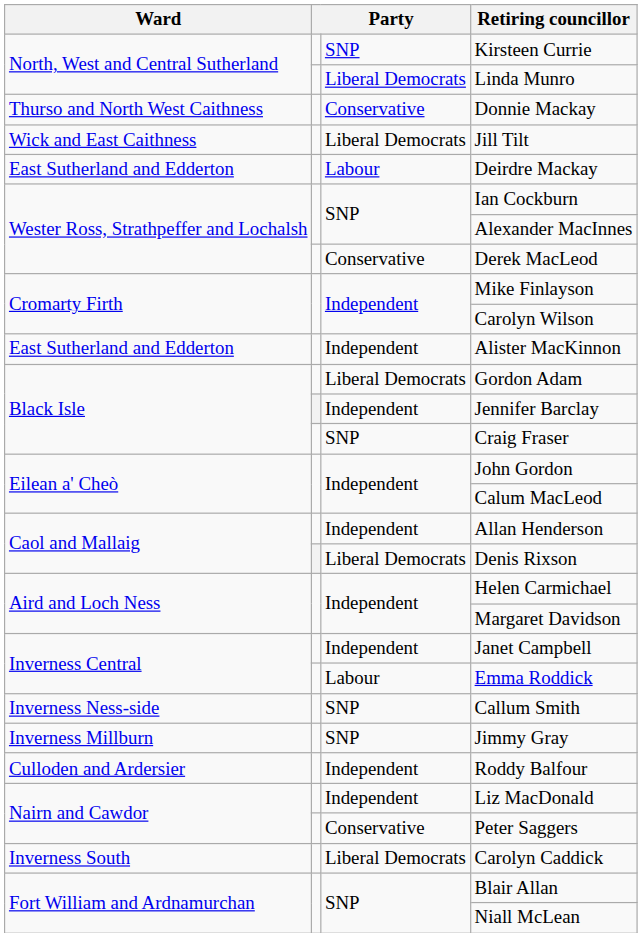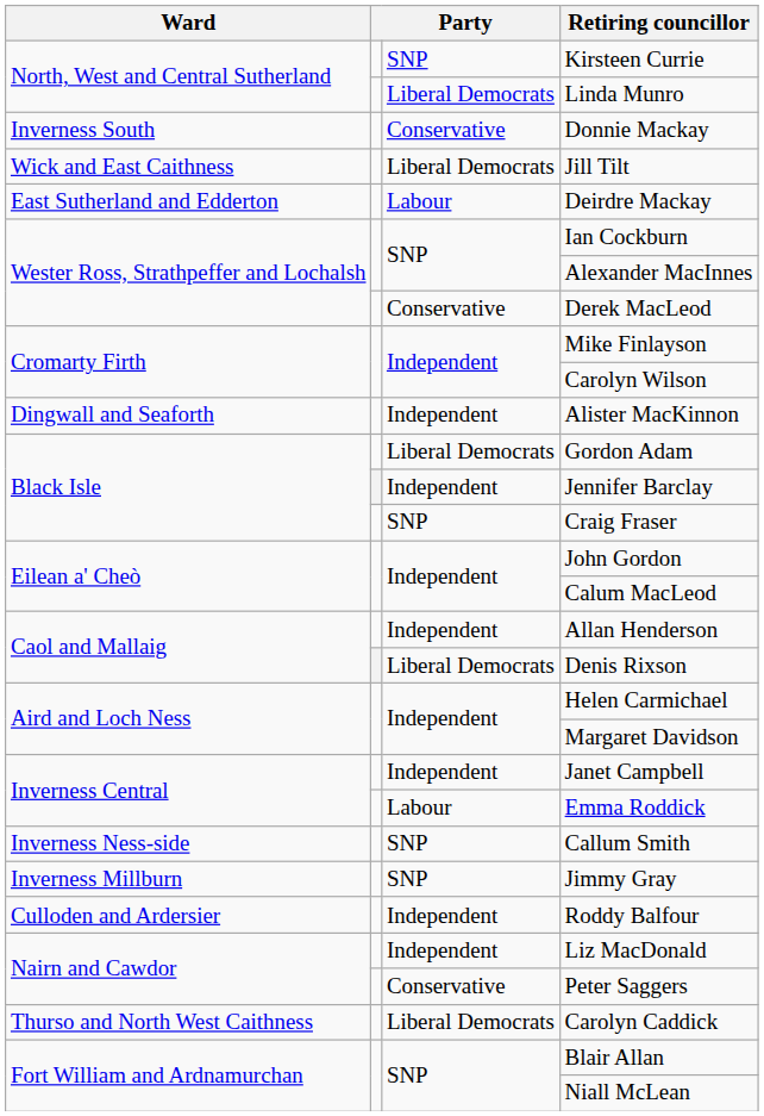 <table class="wikitable sortable">
 <tr>
 <th>Ward</th>
 <th colspan="2">Party</th>
 <th>Retiring councillor</th>
 </tr>
 <tr>
 <td rowspan="2"><a href='#'>North, West and Central Sutherland</a></td>
 <td style="background-color: "></td>
 <td><a href='#'>SNP</a></td>
 <td>Kirsteen Currie</td>
 </tr>
 <tr>
 <td style="background-color: "></td>
 <td><a href='#'>Liberal Democrats</a></td>
 <td>Linda Munro</td>
 </tr>
 <tr>
-<td><a href='#'>Thurso and North West Caithness</a></td>
+<td><a href='#'>Inverness South</a></td>
 <td style="background-color: "></td>
 <td><a href='#'>Conservative</a></td>
 <td>Donnie Mackay</td>
 </tr>
 <tr>
 <td><a href='#'>Wick and East Caithness</a></td>
 <td style="background-color: "></td>
 <td>Liberal Democrats</td>
 <td>Jill Tilt</td>
 </tr>
 <tr>
 <td><a href='#'>East Sutherland and Edderton</a></td>
 <td style="background-color: "></td>
 <td><a href='#'>Labour</a></td>
 <td>Deirdre Mackay</td>
 </tr>
 <tr>
 <td rowspan="3"><a href='#'>Wester Ross, Strathpeffer and Lochalsh</a></td>
 <td rowspan="2" style="background-color: "></td>
 <td rowspan="2">SNP</td>
 <td>Ian Cockburn</td>
 </tr>
 <tr>
 <td>Alexander MacInnes</td>
 </tr>
 <tr>
 <td style="background-color: "></td>
 <td>Conservative</td>
 <td>Derek MacLeod</td>
 </tr>
 <tr>
 <td rowspan="2"><a href='#'>Cromarty Firth</a></td>
 <td rowspan="2" style="background-color: "></td>
 <td rowspan="2"><a href='#'>Independent</a></td>
 <td>Mike Finlayson</td>
 </tr>
 <tr>
 <td>Carolyn Wilson</td>
 </tr>
 <tr>
-<td><a href='#'>East Sutherland and Edderton</a></td>
+<td><a href='#'>Dingwall and Seaforth</a></td>
 <td style="background-color: "></td>
 <td>Independent</td>
 <td>Alister MacKinnon</td>
 </tr>
 <tr>
 <td rowspan="3"><a href='#'>Black Isle</a></td>
 <td style="background-color: "></td>
 <td>Liberal Democrats</td>
 <td>Gordon Adam</td>
 </tr>
 <tr>
 <th style="background-color: "></th>
 <td>Independent</td>
 <td>Jennifer Barclay</td>
 </tr>
 <tr>
 <td style="background-color: "></td>
 <td>SNP</td>
 <td>Craig Fraser</td>
 </tr>
 <tr>
 <td rowspan="2"><a href='#'>Eilean a' Cheò</a></td>
 <td rowspan="2" style="background-color: "></td>
 <td rowspan="2">Independent</td>
 <td>John Gordon</td>
 </tr>
 <tr>
 <td>Calum MacLeod</td>
 </tr>
 <tr>
 <td rowspan="2"><a href='#'>Caol and Mallaig</a></td>
 <td style="background-color: "></td>
 <td>Independent</td>
 <td>Allan Henderson</td>
 </tr>
 <tr>
 <th style="background-color: "></th>
 <td>Liberal Democrats</td>
 <td>Denis Rixson</td>
 </tr>
 <tr>
 <td rowspan="2"><a href='#'>Aird and Loch Ness</a></td>
 <td rowspan="2" style="background-color: "></td>
 <td rowspan="2">Independent</td>
 <td>Helen Carmichael</td>
 </tr>
 <tr>
 <td>Margaret Davidson</td>
 </tr>
 <tr>
 <td rowspan="2"><a href='#'>Inverness Central</a></td>
 <td style="background-color: "></td>
 <td>Independent</td>
 <td>Janet Campbell</td>
 </tr>
 <tr>
 <td style="background-color: "></td>
 <td>Labour</td>
 <td><a href='#'>Emma Roddick</a></td>
 </tr>
 <tr>
 <td><a href='#'>Inverness Ness-side</a></td>
 <td style="background-color: "></td>
 <td>SNP</td>
 <td>Callum Smith</td>
 </tr>
 <tr>
 <td><a href='#'>Inverness Millburn</a></td>
 <td style="background-color: "></td>
 <td>SNP</td>
 <td>Jimmy Gray</td>
 </tr>
 <tr>
 <td><a href='#'>Culloden and Ardersier</a></td>
 <td style="background-color: "></td>
 <td>Independent</td>
 <td>Roddy Balfour</td>
 </tr>
 <tr>
 <td rowspan="2"><a href='#'>Nairn and Cawdor</a></td>
 <td style="background-color: "></td>
 <td>Independent</td>
 <td>Liz MacDonald</td>
 </tr>
 <tr>
 <td style="background-color: "></td>
 <td>Conservative</td>
 <td>Peter Saggers</td>
 </tr>
 <tr>
-<td><a href='#'>Inverness South</a></td>
+<td><a href='#'>Thurso and North West Caithness</a></td>
 <td style="background-color: "></td>
 <td>Liberal Democrats</td>
 <td>Carolyn Caddick</td>
 </tr>
 <tr>
 <td rowspan="2"><a href='#'>Fort William and Ardnamurchan</a></td>
 <td rowspan="2" style="background-color: "></td>
 <td rowspan="2">SNP</td>
 <td>Blair Allan</td>
 </tr>
 <tr>
 <td>Niall McLean</td>
 </tr>
 </table>
